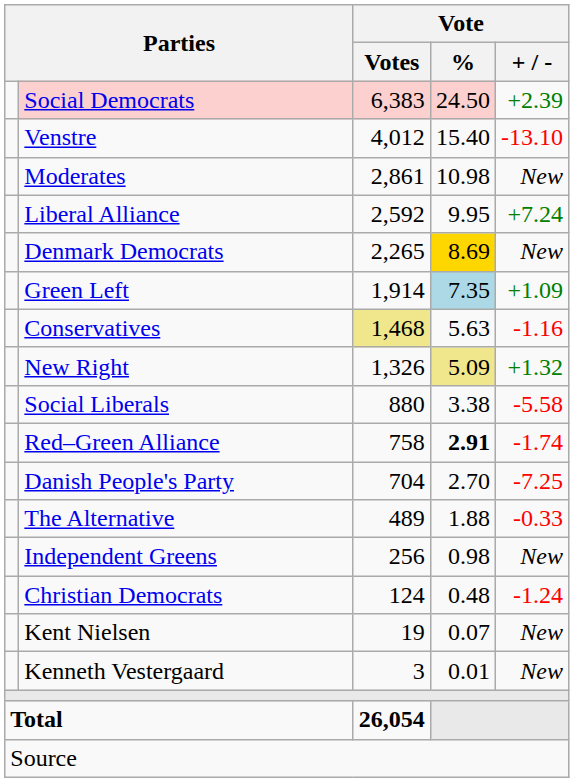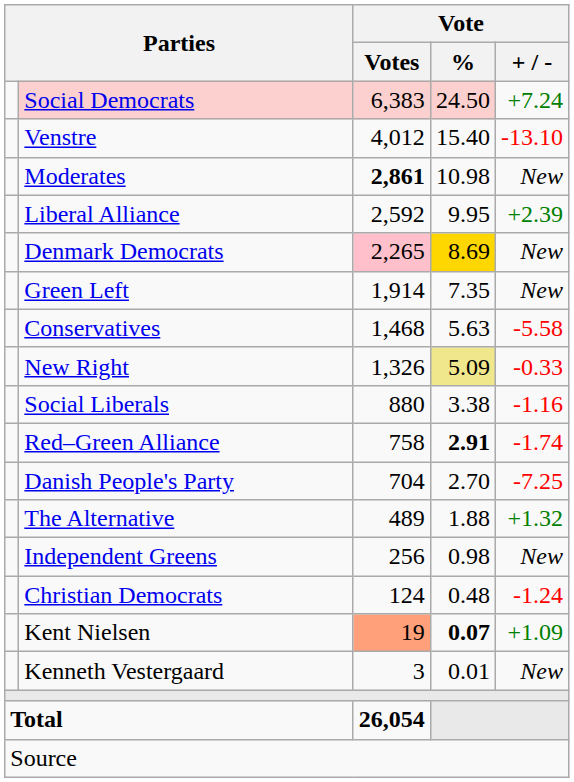 <table class="wikitable" style="text-align:right;">
 <tr>
 <th style="text-align:centre;" rowspan="2" colspan="2" width="225">Parties</th>
 <th colspan="3">Vote</th>
 </tr>
 <tr>
 <th width="15">Votes</th>
 <th width="15">%</th>
 <th width="15">+ / -</th>
 </tr>
 <tr>
 <td width="2" style="color:inherit;background:"></td>
 <td bgcolor=#fbd0ce  align="left"><a href='#'>Social Democrats</a></td>
 <td bgcolor=#fbd0ce>6,383</td>
 <td bgcolor=#fbd0ce>24.50</td>
-<td style=color:green;>+2.39</td>
+<td style=color:green;>+7.24</td>
 </tr>
 <tr>
 <td width="2" style="color:inherit;background:"></td>
 <td align="left"><a href='#'>Venstre</a></td>
 <td>4,012</td>
 <td>15.40</td>
 <td style=color:red;>-13.10</td>
 </tr>
 <tr>
 <td width="2" style="color:inherit;background:"></td>
 <td align="left"><a href='#'>Moderates</a></td>
-<td>2,861</td>
+<td><strong>2,861</strong></td>
 <td>10.98</td>
 <td><em>New</em></td>
 </tr>
 <tr>
 <td width="2" style="color:inherit;background:"></td>
 <td align="left"><a href='#'>Liberal Alliance</a></td>
 <td>2,592</td>
 <td>9.95</td>
-<td style=color:green;>+7.24</td>
+<td style=color:green;>+2.39</td>
 </tr>
 <tr>
 <td width="2" style="color:inherit;background:"></td>
 <td align="left"><a href='#'>Denmark Democrats</a></td>
-<td>2,265</td>
+<td style="background: pink;">2,265</td>
 <td style="background: gold;">8.69</td>
 <td><em>New</em></td>
 </tr>
 <tr>
 <td width="2" style="color:inherit;background:"></td>
 <td align="left"><a href='#'>Green Left</a></td>
 <td>1,914</td>
-<td style="background: lightblue;">7.35</td>
-<td style=color:green;>+1.09</td>
+<td>7.35</td>
+<td><em>New</em></td>
 </tr>
 <tr>
 <td width="2" style="color:inherit;background:"></td>
 <td align="left"><a href='#'>Conservatives</a></td>
-<td style="background: khaki;">1,468</td>
+<td>1,468</td>
 <td>5.63</td>
-<td style=color:red;>-1.16</td>
+<td style=color:red;>-5.58</td>
 </tr>
 <tr>
 <td width="2" style="color:inherit;background:"></td>
 <td align="left"><a href='#'>New Right</a></td>
 <td>1,326</td>
 <td style="background: khaki;">5.09</td>
-<td style=color:green;>+1.32</td>
+<td style=color:red;>-0.33</td>
 </tr>
 <tr>
 <td width="2" style="color:inherit;background:"></td>
 <td align="left"><a href='#'>Social Liberals</a></td>
 <td>880</td>
 <td>3.38</td>
-<td style=color:red;>-5.58</td>
+<td style=color:red;>-1.16</td>
 </tr>
 <tr>
 <td width="2" style="color:inherit;background:"></td>
 <td align="left"><a href='#'>Red–Green Alliance</a></td>
 <td>758</td>
 <td><strong>2.91</strong></td>
 <td style=color:red;>-1.74</td>
 </tr>
 <tr>
 <td width="2" style="color:inherit;background:"></td>
 <td align="left"><a href='#'>Danish People's Party</a></td>
 <td>704</td>
 <td>2.70</td>
 <td style=color:red;>-7.25</td>
 </tr>
 <tr>
 <td width="2" style="color:inherit;background:"></td>
 <td align="left"><a href='#'>The Alternative</a></td>
 <td>489</td>
 <td>1.88</td>
-<td style=color:red;>-0.33</td>
+<td style=color:green;>+1.32</td>
 </tr>
 <tr>
 <td width="2" style="color:inherit;background:"></td>
 <td align="left"><a href='#'>Independent Greens</a></td>
 <td>256</td>
 <td>0.98</td>
 <td><em>New</em></td>
 </tr>
 <tr>
 <td width="2" style="color:inherit;background:"></td>
 <td align="left"><a href='#'>Christian Democrats</a></td>
 <td>124</td>
 <td>0.48</td>
 <td style=color:red;>-1.24</td>
 </tr>
 <tr>
 <td width="2" style="color:inherit;background:"></td>
 <td align="left">Kent Nielsen</td>
-<td>19</td>
-<td>0.07</td>
-<td><em>New</em></td>
+<td style="background: lightsalmon;">19</td>
+<td><strong>0.07</strong></td>
+<td style=color:green;>+1.09</td>
 </tr>
 <tr>
 <td width="2" style="color:inherit;background:"></td>
 <td align="left">Kenneth Vestergaard</td>
 <td>3</td>
 <td>0.01</td>
 <td><em>New</em></td>
 </tr>
 <tr>
 <td colspan="7" bgcolor="#E9E9E9"></td>
 </tr>
 <tr>
 <td align="left" colspan="2"><strong>Total</strong></td>
 <td><strong>26,054</strong></td>
 <td bgcolor="#E9E9E9" colspan="2"></td>
 </tr>
 <tr>
 <td align="left" colspan="6">Source</td>
 </tr>
 </table>
